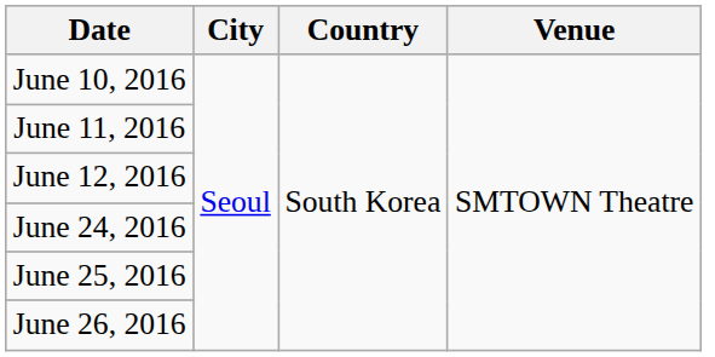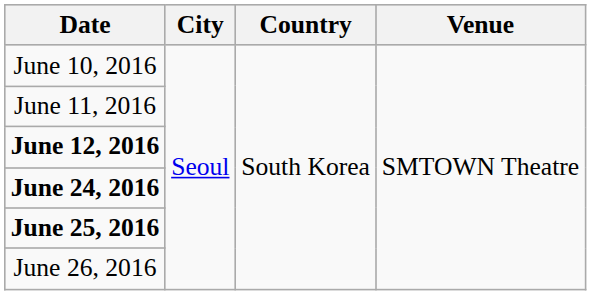 <table class="wikitable plainrowheaders" style="text-align:center">
 <tr>
 <th scope="col">Date</th>
 <th scope="col">City</th>
 <th scope="col">Country</th>
 <th scope="col">Venue</th>
 </tr>
 <tr>
 <td>June 10, 2016</td>
 <td rowspan="6"><a href='#'>Seoul</a></td>
 <td rowspan="6">South Korea</td>
 <td rowspan="6">SMTOWN Theatre</td>
 </tr>
 <tr>
 <td>June 11, 2016</td>
 </tr>
 <tr>
-<td>June 12, 2016</td>
+<td><strong>June 12, 2016</strong></td>
 </tr>
 <tr>
-<td>June 24, 2016</td>
+<td><strong>June 24, 2016</strong></td>
 </tr>
 <tr>
-<td>June 25, 2016</td>
+<td><strong>June 25, 2016</strong></td>
 </tr>
 <tr>
 <td>June 26, 2016</td>
 </tr>
 </table>
